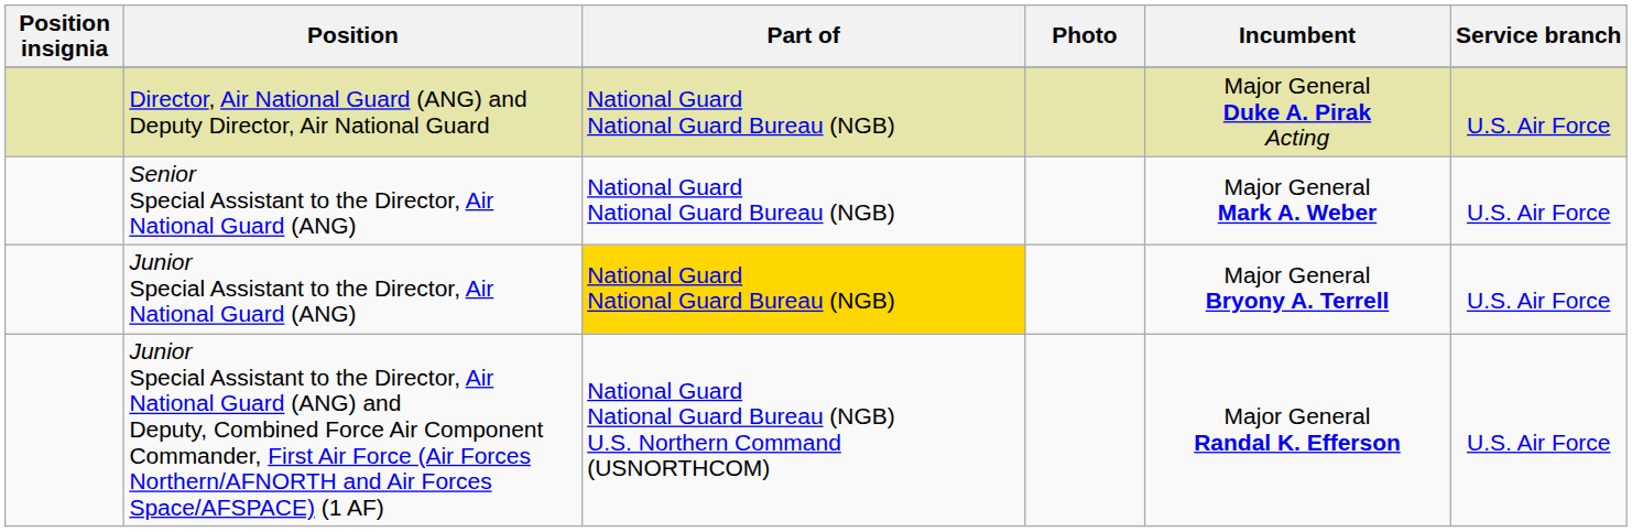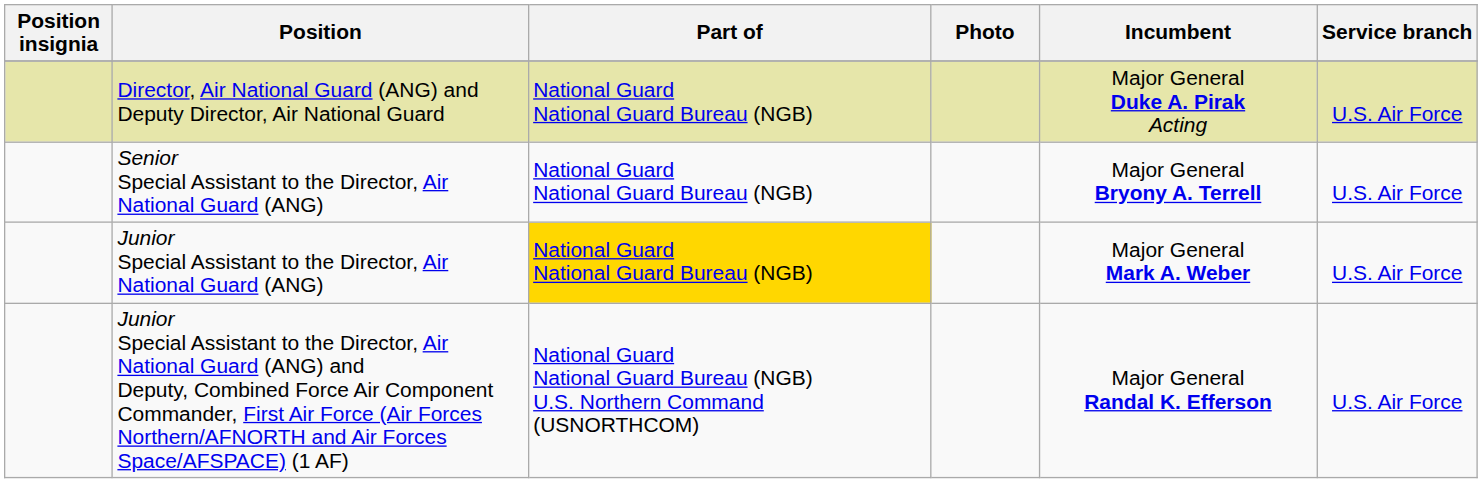 <table class="wikitable">
 <tr>
 <th width="75" style="text-align:center">Position insignia</th>
 <th width="310" style="text-align:center">Position</th>
 <th width="300" style="text-align:center">Part of</th>
 <th width="75" style="text-align:center">Photo</th>
 <th width="205" style="text-align:center">Incumbent</th>
 <th width="115" style="text-align:center">Service branch</th>
 </tr>
 <tr>
 </tr>
 <tr style=background:#e6e6aa;>
 <td></td>
 <td><a href='#'>Director</a>, <a href='#'>Air National Guard</a> (ANG) and<br>Deputy Director, Air National Guard</td>
 <td> <a href='#'>National Guard</a><br> <a href='#'>National Guard Bureau</a> (NGB)</td>
 <td></td>
 <td style="text-align:center">Major General<br><strong><a href='#'>Duke A. Pirak</a></strong><br><em>Acting</em></td>
 <td style="text-align:center"><br><a href='#'>U.S. Air Force</a></td>
 </tr>
 <tr>
 <td></td>
 <td><em>Senior</em><br>Special Assistant to the Director, <a href='#'>Air National Guard</a> (ANG)</td>
 <td> <a href='#'>National Guard</a><br> <a href='#'>National Guard Bureau</a> (NGB)</td>
 <td></td>
-<td style="text-align:center">Major General<br><strong><a href='#'>Mark A. Weber</a></strong></td>
+<td style="text-align:center">Major General<br><strong><a href='#'>Bryony A. Terrell</a></strong></td>
 <td style="text-align:center"><br><a href='#'>U.S. Air Force</a></td>
 </tr>
 <tr>
 <td></td>
 <td><em>Junior</em><br>Special Assistant to the Director, <a href='#'>Air National Guard</a> (ANG)</td>
 <td style="background: gold;"> <a href='#'>National Guard</a><br> <a href='#'>National Guard Bureau</a> (NGB)</td>
 <td></td>
-<td style="text-align:center">Major General<br><strong><a href='#'>Bryony A. Terrell</a></strong></td>
+<td style="text-align:center">Major General<br><strong><a href='#'>Mark A. Weber</a></strong></td>
 <td style="text-align:center"><br><a href='#'>U.S. Air Force</a></td>
 </tr>
 <tr>
 <td> </td>
 <td><em>Junior</em><br>Special Assistant to the Director, <a href='#'>Air National Guard</a> (ANG) and<br>Deputy, Combined Force Air Component Commander, <a href='#'>First Air Force (Air Forces Northern/AFNORTH and Air Forces Space/AFSPACE)</a> (1 AF)</td>
 <td> <a href='#'>National Guard</a><br> <a href='#'>National Guard Bureau</a> (NGB)<br> <a href='#'>U.S. Northern Command</a> (USNORTHCOM)</td>
 <td></td>
 <td style="text-align:center">Major General<br><strong><a href='#'>Randal K. Efferson</a></strong></td>
 <td style="text-align:center"><br><a href='#'>U.S. Air Force</a><br></td>
 </tr>
 </table>
